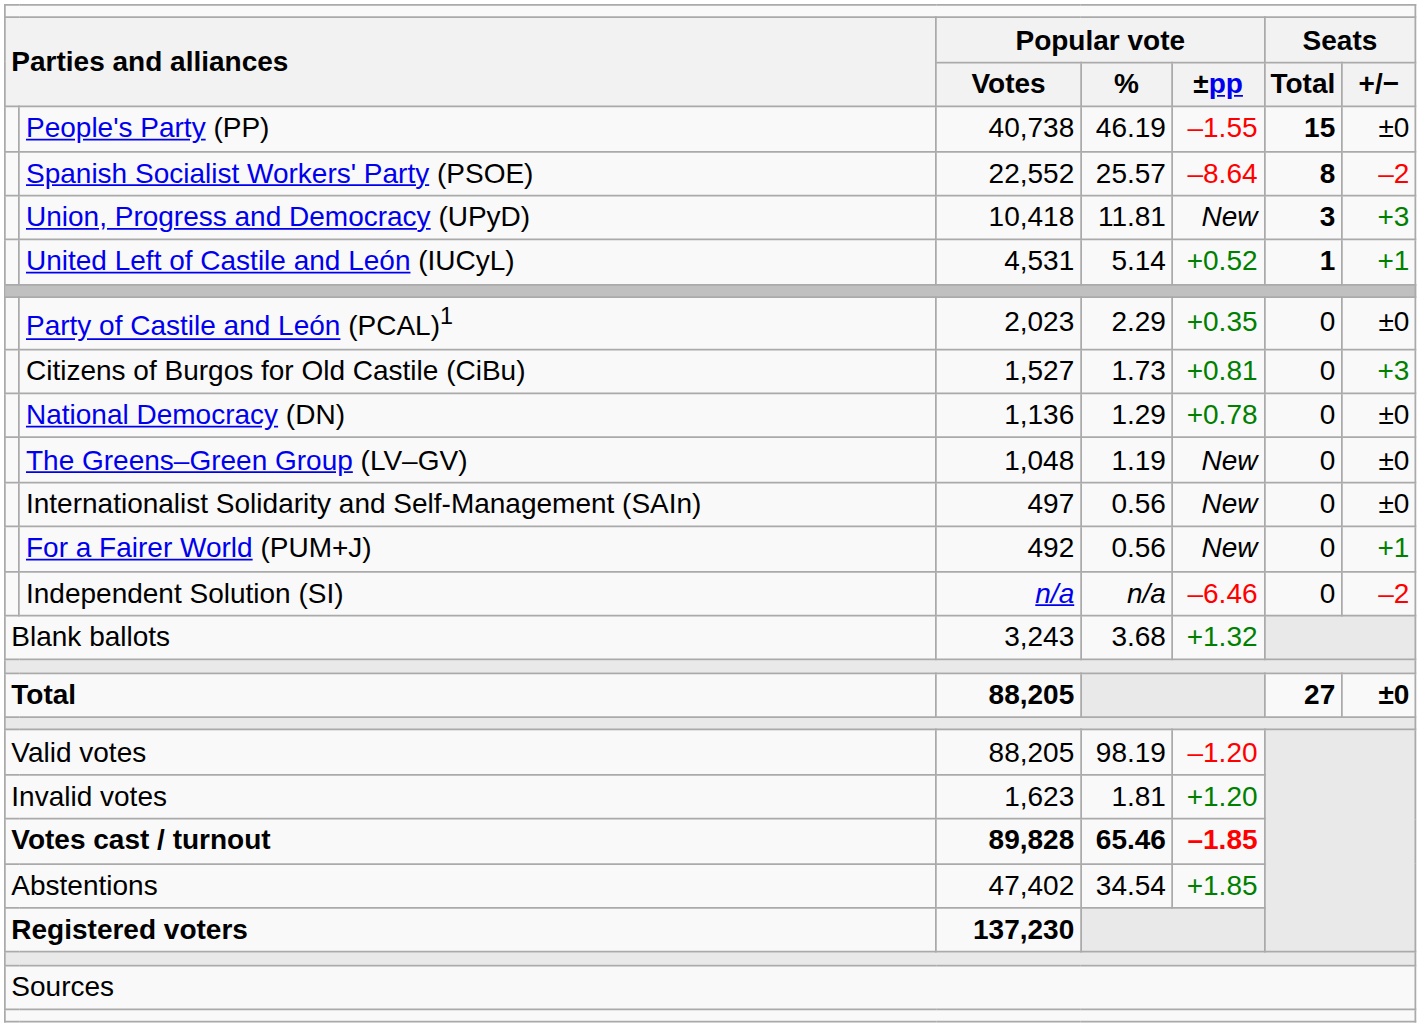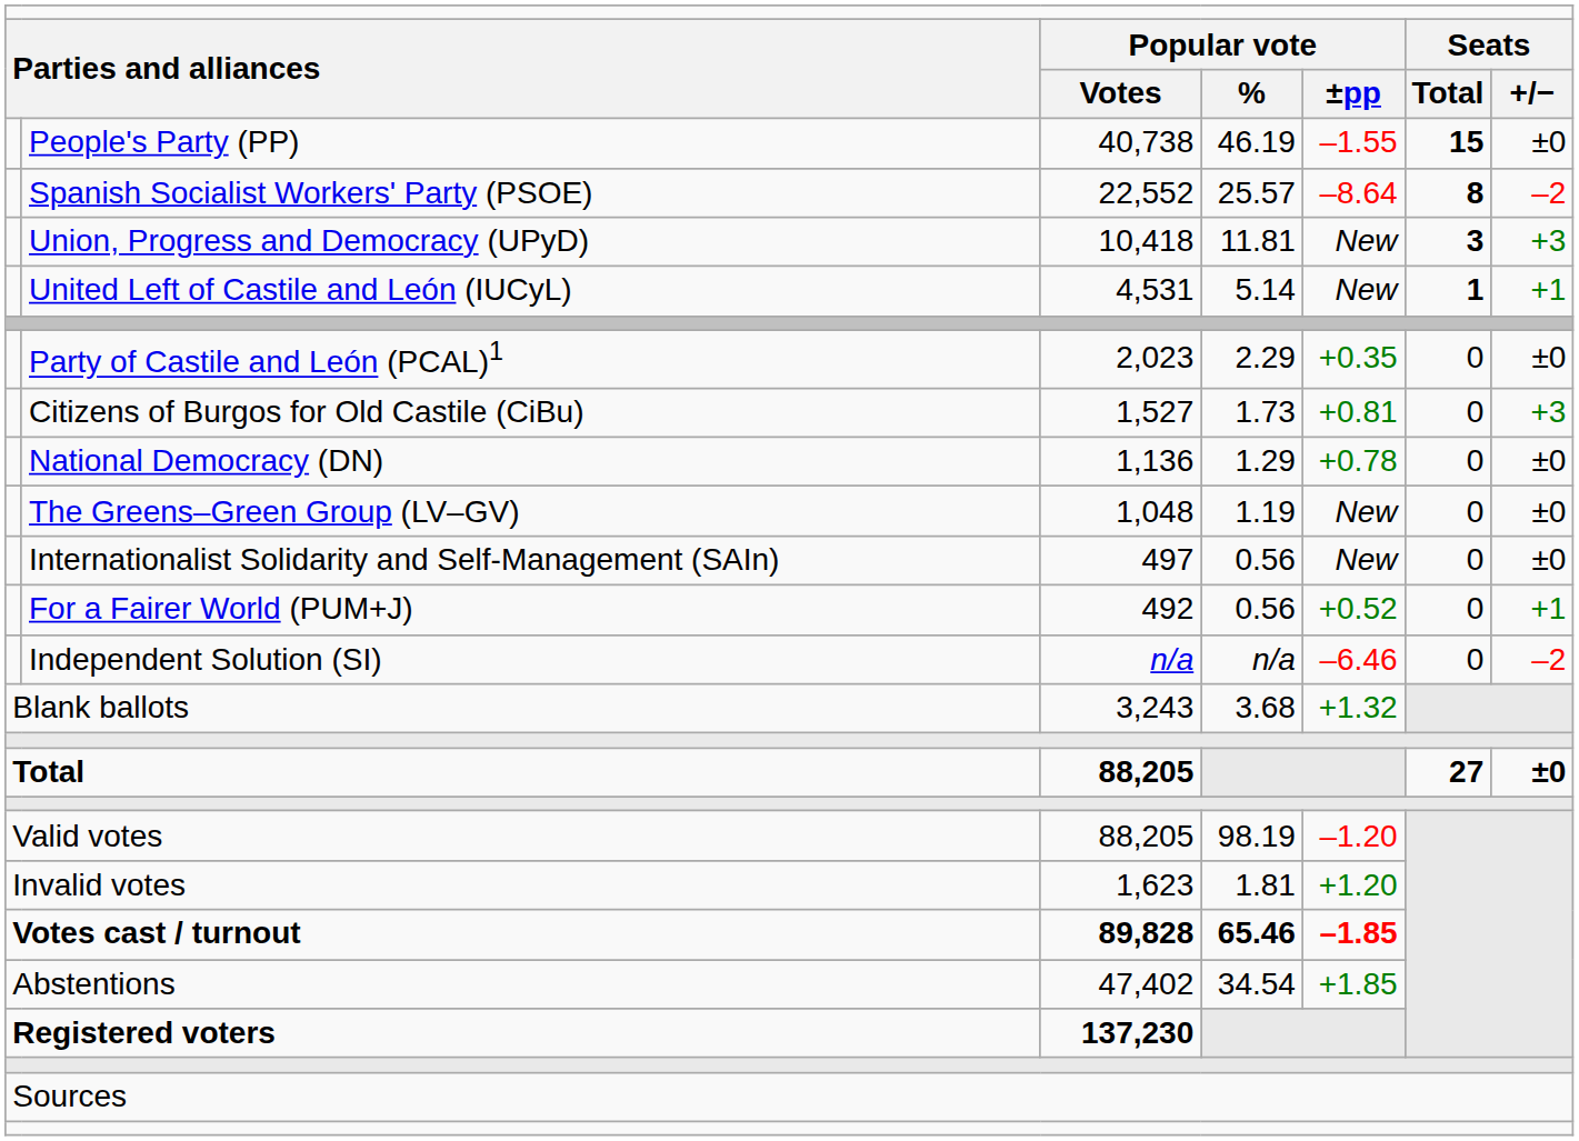 <table class="wikitable" style="text-align:right;">
 <tr>
 <td colspan="7"></td>
 </tr>
 <tr>
 <th style="text-align:left;" rowspan="2" colspan="2" width="525">Parties and alliances</th>
 <th colspan="3">Popular vote</th>
 <th colspan="2">Seats</th>
 </tr>
 <tr>
 <th width="75">Votes</th>
 <th width="45">%</th>
 <th width="45">±<a href='#'>pp</a></th>
 <th width="35">Total</th>
 <th width="35">+/−</th>
 </tr>
 <tr>
 <td width="1" style="color:inherit;background:"></td>
 <td align="left"><a href='#'>People's Party</a> (PP)</td>
 <td>40,738</td>
 <td>46.19</td>
 <td style="color:red;">–1.55</td>
 <td><strong>15</strong></td>
 <td>±0</td>
 </tr>
 <tr>
 <td style="color:inherit;background:"></td>
 <td align="left"><a href='#'>Spanish Socialist Workers' Party</a> (PSOE)</td>
 <td>22,552</td>
 <td>25.57</td>
 <td style="color:red;">–8.64</td>
 <td><strong>8</strong></td>
 <td style="color:red;">–2</td>
 </tr>
 <tr>
 <td style="color:inherit;background:"></td>
 <td align="left"><a href='#'>Union, Progress and Democracy</a> (UPyD)</td>
 <td>10,418</td>
 <td>11.81</td>
 <td><em>New</em></td>
 <td><strong>3</strong></td>
 <td style="color:green;">+3</td>
 </tr>
 <tr>
 <td style="color:inherit;background:"></td>
 <td align="left"><a href='#'>United Left of Castile and León</a> (IUCyL)</td>
 <td>4,531</td>
 <td>5.14</td>
-<td style="color:green;">+0.52</td>
+<td><em>New</em></td>
 <td><strong>1</strong></td>
 <td style="color:green;">+1</td>
 </tr>
 <tr>
 <td colspan="7" bgcolor="#C0C0C0"></td>
 </tr>
 <tr>
 <td style="color:inherit;background:"></td>
 <td align="left"><a href='#'>Party of Castile and León</a> (PCAL)<sup>1</sup></td>
 <td>2,023</td>
 <td>2.29</td>
 <td style="color:green;">+0.35</td>
 <td>0</td>
 <td>±0</td>
 </tr>
 <tr>
 <td style="color:inherit;background:"></td>
 <td align="left">Citizens of Burgos for Old Castile (CiBu)</td>
 <td>1,527</td>
 <td>1.73</td>
 <td style="color:green;">+0.81</td>
 <td>0</td>
 <td style="color:green;">+3</td>
 </tr>
 <tr>
 <td style="color:inherit;background:"></td>
 <td align="left"><a href='#'>National Democracy</a> (DN)</td>
 <td>1,136</td>
 <td>1.29</td>
 <td style="color:green;">+0.78</td>
 <td>0</td>
 <td>±0</td>
 </tr>
 <tr>
 <td style="color:inherit;background:"></td>
 <td align="left"><a href='#'>The Greens–Green Group</a> (LV–GV)</td>
 <td>1,048</td>
 <td>1.19</td>
 <td><em>New</em></td>
 <td>0</td>
 <td>±0</td>
 </tr>
 <tr>
 <td style="color:inherit;background:"></td>
 <td align="left">Internationalist Solidarity and Self-Management (SAIn)</td>
 <td>497</td>
 <td>0.56</td>
 <td><em>New</em></td>
 <td>0</td>
 <td>±0</td>
 </tr>
 <tr>
 <td style="color:inherit;background:"></td>
 <td align="left"><a href='#'>For a Fairer World</a> (PUM+J)</td>
 <td>492</td>
 <td>0.56</td>
-<td><em>New</em></td>
+<td style="color:green;">+0.52</td>
 <td>0</td>
 <td style="color:green;">+1</td>
 </tr>
 <tr>
 <td style="color:inherit;background:"></td>
 <td align="left">Independent Solution (SI)</td>
 <td><em><a href='#'>n/a</a></em></td>
 <td><em>n/a</em></td>
 <td style="color:red;">–6.46</td>
 <td>0</td>
 <td style="color:red;">–2</td>
 </tr>
 <tr>
 <td align="left" colspan="2">Blank ballots</td>
 <td>3,243</td>
 <td>3.68</td>
 <td style="color:green;">+1.32</td>
 <td bgcolor="#E9E9E9" colspan="2"></td>
 </tr>
 <tr>
 <td colspan="7" bgcolor="#E9E9E9"></td>
 </tr>
 <tr style="font-weight:bold;">
 <td align="left" colspan="2">Total</td>
 <td>88,205</td>
 <td bgcolor="#E9E9E9" colspan="2"></td>
 <td>27</td>
 <td>±0</td>
 </tr>
 <tr>
 <td colspan="7" bgcolor="#E9E9E9"></td>
 </tr>
 <tr>
 <td align="left" colspan="2">Valid votes</td>
 <td>88,205</td>
 <td>98.19</td>
 <td style="color:red;">–1.20</td>
 <td bgcolor="#E9E9E9" colspan="2" rowspan="5"></td>
 </tr>
 <tr>
 <td align="left" colspan="2">Invalid votes</td>
 <td>1,623</td>
 <td>1.81</td>
 <td style="color:green;">+1.20</td>
 </tr>
 <tr style="font-weight:bold;">
 <td align="left" colspan="2">Votes cast / turnout</td>
 <td>89,828</td>
 <td>65.46</td>
 <td style="color:red;">–1.85</td>
 </tr>
 <tr>
 <td align="left" colspan="2">Abstentions</td>
 <td>47,402</td>
 <td>34.54</td>
 <td style="color:green;">+1.85</td>
 </tr>
 <tr style="font-weight:bold;">
 <td align="left" colspan="2">Registered voters</td>
 <td>137,230</td>
 <td bgcolor="#E9E9E9" colspan="2"></td>
 </tr>
 <tr>
 <td colspan="7" bgcolor="#E9E9E9"></td>
 </tr>
 <tr>
 <td align="left" colspan="7">Sources</td>
 </tr>
 <tr>
 <td colspan="7" style="text-align:left; max-width:790px;"></td>
 </tr>
 </table>
